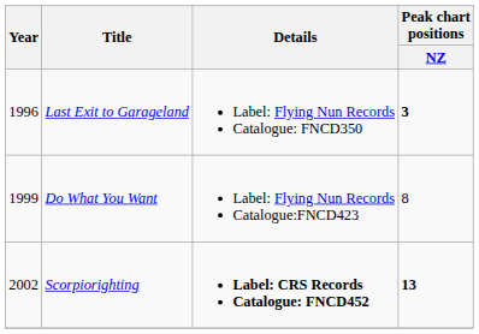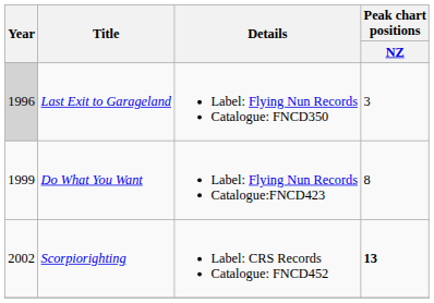 <table class="wikitable plainrowheaders">
 <tr>
 <th rowspan="2">Year</th>
 <th rowspan="2">Title</th>
 <th rowspan="2">Details</th>
 <th>Peak chart<br>positions</th>
 </tr>
 <tr>
 <th><a href='#'>NZ</a></th>
 </tr>
 <tr>
-<td>1996</td>
+<td style="background: lightgrey;">1996</td>
 <td><em><a href='#'>Last Exit to Garageland</a></em></td>
 <td><br><ul><li>Label: <a href='#'>Flying Nun Records</a></li><li>Catalogue: FNCD350</li></ul></td>
-<td><strong>3</strong></td>
+<td>3</td>
 </tr>
 <tr>
 <td>1999</td>
 <td><em><a href='#'>Do What You Want</a></em></td>
 <td><br><ul><li>Label: <a href='#'>Flying Nun Records</a></li><li>Catalogue:FNCD423</li></ul></td>
 <td>8</td>
 </tr>
 <tr>
 <td>2002</td>
 <td><em><a href='#'>Scorpiorighting</a></em></td>
-<td><strong><br><ul><li>Label: CRS Records</li><li>Catalogue: FNCD452</li></ul></strong></td>
+<td><br><ul><li>Label: CRS Records</li><li>Catalogue: FNCD452</li></ul></td>
 <td><strong>13</strong></td>
 </tr>
 <tr>
 </tr>
 </table>
